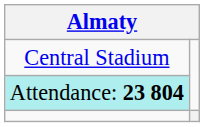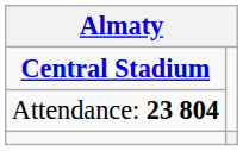 <table class="wikitable" style="text-align:center;">
 <tr>
 <th colspan="4" align="center"><a href='#'>Almaty</a></th>
 </tr>
 <tr>
-<td><a href='#'>Central Stadium</a></td>
+<td><strong><a href='#'>Central Stadium</a></strong></td>
 </tr>
 <tr>
-<td style="background: paleturquoise;">Attendance: <strong>23 804</strong></td>
+<td>Attendance: <strong>23 804</strong></td>
 </tr>
 <tr>
 <td></td>
 <th rowspan=8 colspan=2></th>
 </tr>
 </table>
